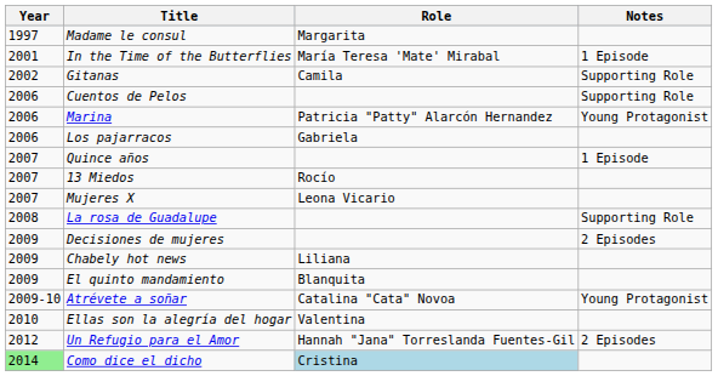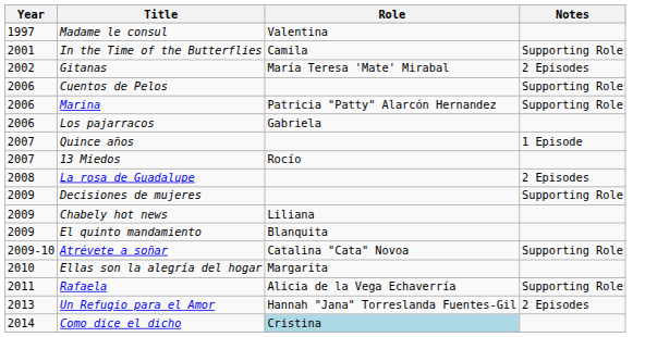 <table class="wikitable">
 <tr style="background:#b0c4de;">
 <th>Year</th>
 <th>Title</th>
 <th>Role</th>
 <th>Notes</th>
 </tr>
 <tr>
 <td>1997</td>
 <td><em>Madame le consul</em></td>
-<td>Margarita</td>
+<td>Valentina</td>
 <td></td>
 </tr>
 <tr>
 <td>2001</td>
 <td><em>In the Time of the Butterflies</em></td>
-<td>María Teresa 'Mate' Mirabal</td>
-<td>1 Episode</td>
+<td>Camila</td>
+<td>Supporting Role</td>
 </tr>
 <tr>
 <td>2002</td>
 <td><em>Gitanas </em></td>
-<td>Camila</td>
-<td>Supporting Role</td>
+<td>María Teresa 'Mate' Mirabal</td>
+<td>2 Episodes</td>
 </tr>
 <tr>
 <td>2006</td>
 <td><em>Cuentos de Pelos</em></td>
 <td></td>
 <td>Supporting Role</td>
 </tr>
 <tr>
 <td>2006</td>
 <td><em><a href='#'>Marina</a></em></td>
 <td>Patricia "Patty" Alarcón Hernandez</td>
-<td>Young Protagonist</td>
+<td>Supporting Role</td>
 </tr>
 <tr>
 <td>2006</td>
 <td><em>Los pajarracos</em></td>
 <td>Gabriela</td>
 <td></td>
 </tr>
 <tr>
 <td>2007</td>
 <td><em>Quince años </em></td>
 <td></td>
 <td>1 Episode</td>
 </tr>
 <tr>
 <td>2007</td>
 <td><em>13 Miedos</em></td>
 <td>Rocío</td>
 <td></td>
 </tr>
 <tr>
-<td>2007</td>
-<td><em>Mujeres X </em></td>
-<td>Leona Vicario</td>
-<td></td>
-</tr>
-<tr>
 <td>2008</td>
 <td><em><a href='#'>La rosa de Guadalupe</a></em></td>
 <td></td>
-<td>Supporting Role</td>
+<td>2 Episodes</td>
 </tr>
 <tr>
 <td>2009</td>
 <td><em>Decisiones de mujeres</em></td>
 <td></td>
-<td>2 Episodes</td>
+<td>Supporting Role</td>
 </tr>
 <tr>
 <td>2009</td>
 <td><em>Chabely hot news </em></td>
 <td>Liliana</td>
 <td></td>
 </tr>
 <tr>
 <td>2009</td>
 <td><em>El quinto mandamiento</em></td>
 <td>Blanquita</td>
 <td></td>
 </tr>
 <tr>
 <td>2009-10</td>
 <td><em><a href='#'>Atrévete a soñar</a></em></td>
 <td>Catalina "Cata" Novoa</td>
-<td>Young Protagonist</td>
+<td>Supporting Role</td>
 </tr>
 <tr>
 <td>2010</td>
 <td><em>Ellas son la alegría del hogar</em></td>
-<td>Valentina</td>
+<td>Margarita</td>
 <td></td>
 </tr>
 <tr>
-<td>2012</td>
+<td>2011</td>
+<td><em><a href='#'>Rafaela</a> </em></td>
+<td>Alicia de la Vega Echaverría</td>
+<td>Supporting Role</td>
+</tr>
+<tr>
+<td>2013</td>
 <td><em> <a href='#'>Un Refugio para el Amor</a></em></td>
 <td>Hannah "Jana" Torreslanda Fuentes-Gil</td>
 <td>2 Episodes</td>
 </tr>
 <tr>
-<td style="background: lightgreen;">2014</td>
+<td>2014</td>
 <td><em><a href='#'>Como dice el dicho</a> </em></td>
 <td style="background: lightblue;">Cristina</td>
 <td></td>
 </tr>
 </table>
